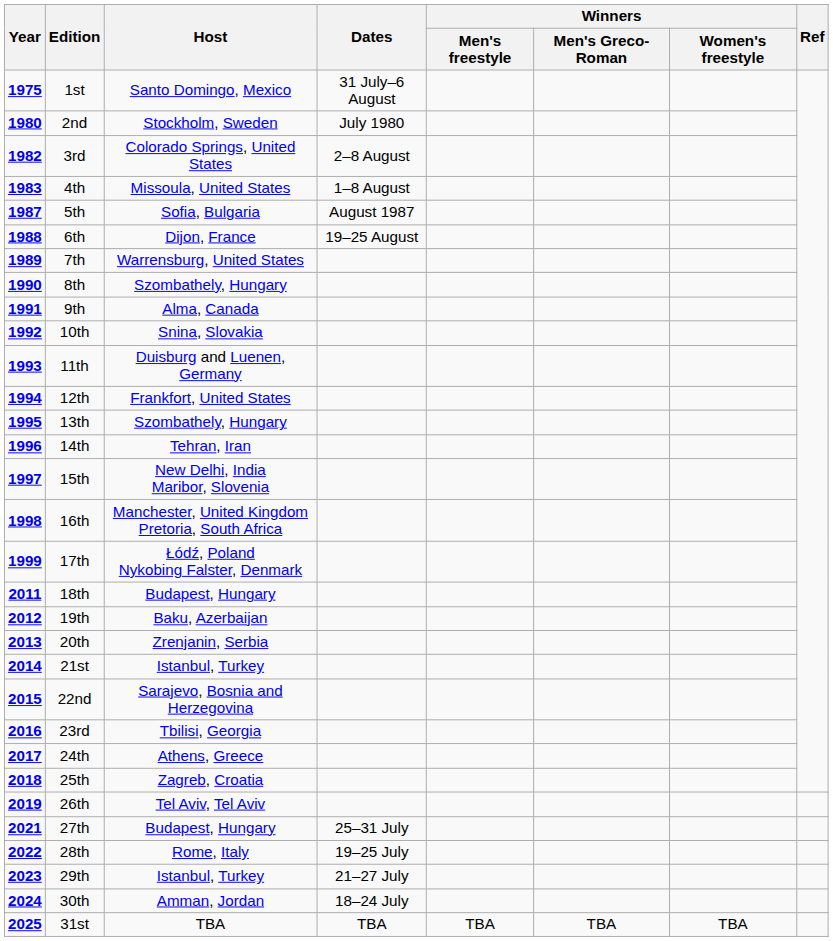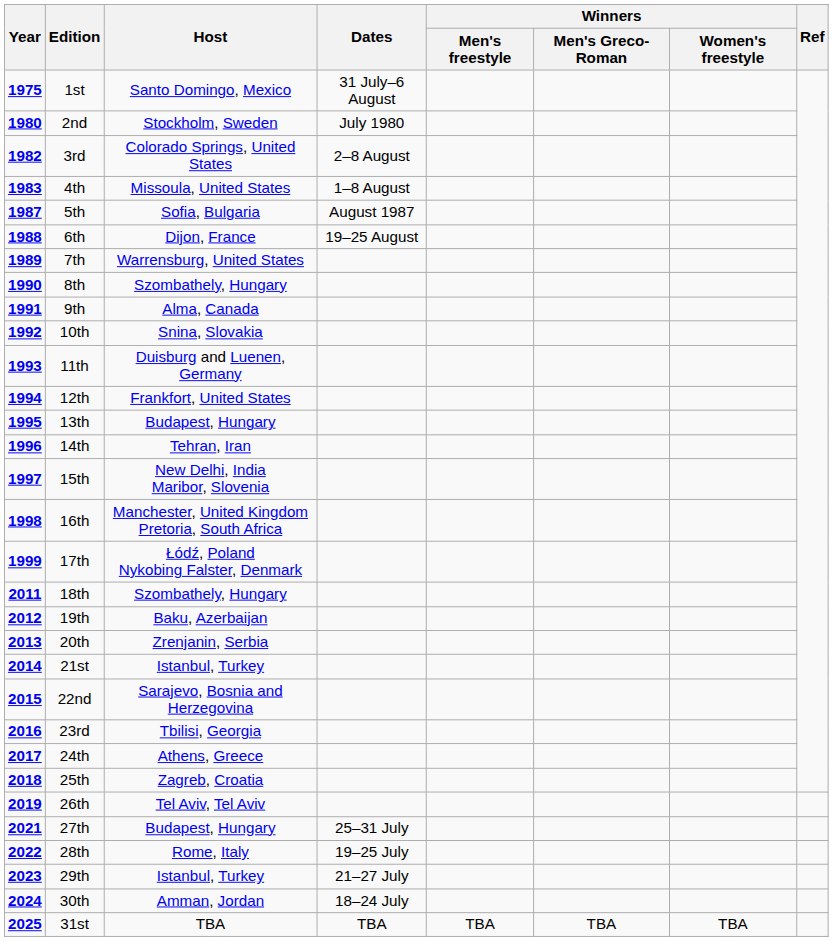 <table class="wikitable" style="text-align:center;">
 <tr>
 <th rowspan=2>Year</th>
 <th rowspan=2>Edition</th>
 <th rowspan=2>Host</th>
 <th rowspan=2>Dates</th>
 <th colspan=3>Winners</th>
 <th rowspan=2>Ref</th>
 </tr>
 <tr>
 <th>Men's freestyle</th>
 <th>Men's Greco-Roman</th>
 <th>Women's freestyle</th>
 </tr>
 <tr>
 <td><strong><a href='#'>1975</a></strong></td>
 <td>1st</td>
 <td><a href='#'>Santo Domingo</a>, <a href='#'>Mexico</a> </td>
 <td>31 July–6 August</td>
 <td></td>
 <td></td>
 <td></td>
 </tr>
 <tr>
 <td><strong><a href='#'>1980</a></strong></td>
 <td>2nd</td>
 <td><a href='#'>Stockholm</a>, <a href='#'>Sweden</a> </td>
 <td>July 1980</td>
 <td></td>
 <td></td>
 <td></td>
 </tr>
 <tr>
 <td><strong><a href='#'>1982</a></strong></td>
 <td>3rd</td>
 <td><a href='#'>Colorado Springs</a>, <a href='#'>United States</a> </td>
 <td>2–8 August</td>
 <td></td>
 <td></td>
 <td></td>
 </tr>
 <tr>
 <td><strong><a href='#'>1983</a></strong></td>
 <td>4th</td>
 <td><a href='#'>Missoula</a>, <a href='#'>United States</a> </td>
 <td>1–8 August</td>
 <td></td>
 <td></td>
 <td></td>
 </tr>
 <tr>
 <td><strong><a href='#'>1987</a></strong></td>
 <td>5th</td>
 <td><a href='#'>Sofia</a>, <a href='#'>Bulgaria</a> </td>
 <td>August 1987</td>
 <td></td>
 <td></td>
 <td></td>
 </tr>
 <tr>
 <td><strong><a href='#'>1988</a></strong></td>
 <td>6th</td>
 <td><a href='#'>Dijon</a>, <a href='#'>France</a> </td>
 <td>19–25 August</td>
 <td></td>
 <td></td>
 <td></td>
 </tr>
 <tr>
 <td><strong><a href='#'>1989</a></strong></td>
 <td>7th</td>
 <td><a href='#'>Warrensburg</a>, <a href='#'>United States</a> </td>
 <td></td>
 <td></td>
 <td></td>
 <td></td>
 </tr>
 <tr>
 <td><strong><a href='#'>1990</a></strong></td>
 <td>8th</td>
 <td><a href='#'>Szombathely</a>, <a href='#'>Hungary</a> </td>
 <td></td>
 <td></td>
 <td></td>
 <td></td>
 </tr>
 <tr>
 <td><strong><a href='#'>1991</a></strong></td>
 <td>9th</td>
 <td><a href='#'>Alma</a>, <a href='#'>Canada</a> </td>
 <td></td>
 <td></td>
 <td></td>
 <td></td>
 </tr>
 <tr>
 <td><strong><a href='#'>1992</a></strong></td>
 <td>10th</td>
 <td><a href='#'>Snina</a>, <a href='#'>Slovakia</a> </td>
 <td></td>
 <td></td>
 <td></td>
 <td></td>
 </tr>
 <tr>
 <td><strong><a href='#'>1993</a></strong></td>
 <td>11th</td>
 <td><a href='#'>Duisburg</a> and <a href='#'>Luenen</a>, <a href='#'>Germany</a> </td>
 <td></td>
 <td></td>
 <td></td>
 <td></td>
 </tr>
 <tr>
 <td><strong><a href='#'>1994</a></strong></td>
 <td>12th</td>
 <td><a href='#'>Frankfort</a>, <a href='#'>United States</a> </td>
 <td></td>
 <td></td>
 <td></td>
 <td></td>
 </tr>
 <tr>
 <td><strong><a href='#'>1995</a></strong></td>
 <td>13th</td>
-<td><a href='#'>Szombathely</a>, <a href='#'>Hungary</a> </td>
+<td><a href='#'>Budapest</a>, <a href='#'>Hungary</a> </td>
 <td></td>
 <td></td>
 <td></td>
 <td></td>
 </tr>
 <tr>
 <td><strong><a href='#'>1996</a></strong></td>
 <td>14th</td>
 <td><a href='#'>Tehran</a>, <a href='#'>Iran</a> </td>
 <td></td>
 <td></td>
 <td></td>
 <td></td>
 </tr>
 <tr>
 <td><strong><a href='#'>1997</a></strong></td>
 <td>15th</td>
 <td><a href='#'>New Delhi</a>, <a href='#'>India</a> <br><a href='#'>Maribor</a>, <a href='#'>Slovenia</a> </td>
 <td></td>
 <td></td>
 <td></td>
 <td></td>
 </tr>
 <tr>
 <td><strong><a href='#'>1998</a></strong></td>
 <td>16th</td>
 <td><a href='#'>Manchester</a>, <a href='#'>United Kingdom</a> <br><a href='#'>Pretoria</a>, <a href='#'>South Africa</a> </td>
 <td></td>
 <td></td>
 <td></td>
 <td></td>
 </tr>
 <tr>
 <td><strong><a href='#'>1999</a></strong></td>
 <td>17th</td>
 <td><a href='#'>Łódź</a>, <a href='#'>Poland</a> <br><a href='#'>Nykobing Falster</a>, <a href='#'>Denmark</a> </td>
 <td></td>
 <td></td>
 <td></td>
 <td></td>
 </tr>
 <tr>
 <td><strong><a href='#'>2011</a></strong></td>
 <td>18th</td>
-<td><a href='#'>Budapest</a>, <a href='#'>Hungary</a> </td>
+<td><a href='#'>Szombathely</a>, <a href='#'>Hungary</a> </td>
 <td></td>
 <td></td>
 <td></td>
 <td></td>
 </tr>
 <tr>
 <td><strong><a href='#'>2012</a></strong></td>
 <td>19th</td>
 <td><a href='#'>Baku</a>, <a href='#'>Azerbaijan</a> </td>
 <td></td>
 <td></td>
 <td></td>
 <td></td>
 </tr>
 <tr>
 <td><strong><a href='#'>2013</a></strong></td>
 <td>20th</td>
 <td><a href='#'>Zrenjanin</a>, <a href='#'>Serbia</a> </td>
 <td></td>
 <td></td>
 <td></td>
 <td></td>
 </tr>
 <tr>
 <td><strong><a href='#'>2014</a></strong></td>
 <td>21st</td>
 <td><a href='#'>Istanbul</a>, <a href='#'>Turkey</a> </td>
 <td></td>
 <td></td>
 <td></td>
 <td></td>
 </tr>
 <tr>
 <td><strong><a href='#'>2015</a></strong></td>
 <td>22nd</td>
 <td><a href='#'>Sarajevo</a>, <a href='#'>Bosnia and Herzegovina</a> </td>
 <td></td>
 <td></td>
 <td></td>
 <td></td>
 </tr>
 <tr>
 <td><strong><a href='#'>2016</a></strong></td>
 <td>23rd</td>
 <td><a href='#'>Tbilisi</a>, <a href='#'>Georgia</a> </td>
 <td></td>
 <td></td>
 <td></td>
 <td></td>
 </tr>
 <tr>
 <td><strong><a href='#'>2017</a></strong></td>
 <td>24th</td>
 <td><a href='#'>Athens</a>, <a href='#'>Greece</a> </td>
 <td></td>
 <td></td>
 <td></td>
 <td></td>
 </tr>
 <tr>
 <td><strong><a href='#'>2018</a></strong></td>
 <td>25th</td>
 <td><a href='#'>Zagreb</a>, <a href='#'>Croatia</a> </td>
 <td></td>
 <td></td>
 <td></td>
 <td></td>
 </tr>
 <tr>
 <td><strong><a href='#'>2019</a></strong></td>
 <td>26th</td>
 <td><a href='#'>Tel Aviv</a>, <a href='#'>Tel Aviv</a> </td>
 <td></td>
 <td></td>
 <td></td>
 <td></td>
 <td></td>
 </tr>
 <tr>
 <td><strong><a href='#'>2021</a></strong></td>
 <td>27th</td>
 <td><a href='#'>Budapest</a>, <a href='#'>Hungary</a> </td>
 <td>25–31 July</td>
 <td></td>
 <td></td>
 <td></td>
 <td></td>
 </tr>
 <tr>
 <td><strong><a href='#'>2022</a></strong></td>
 <td>28th</td>
 <td><a href='#'>Rome</a>, <a href='#'>Italy</a> </td>
 <td>19–25 July</td>
 <td></td>
 <td></td>
 <td></td>
 <td></td>
 </tr>
 <tr>
 <td><strong><a href='#'>2023</a></strong></td>
 <td>29th</td>
 <td><a href='#'>Istanbul</a>, <a href='#'>Turkey</a> </td>
 <td>21–27 July</td>
 <td></td>
 <td></td>
 <td></td>
 <td></td>
 </tr>
 <tr>
 <td><strong><a href='#'>2024</a></strong></td>
 <td>30th</td>
 <td><a href='#'>Amman</a>, <a href='#'>Jordan</a> </td>
 <td>18–24 July</td>
 <td></td>
 <td></td>
 <td></td>
 <td></td>
 </tr>
 <tr>
 <td><strong><a href='#'>2025</a></strong></td>
 <td>31st</td>
 <td>TBA</td>
 <td>TBA</td>
 <td>TBA</td>
 <td>TBA</td>
 <td>TBA</td>
 <td></td>
 </tr>
 </table>
